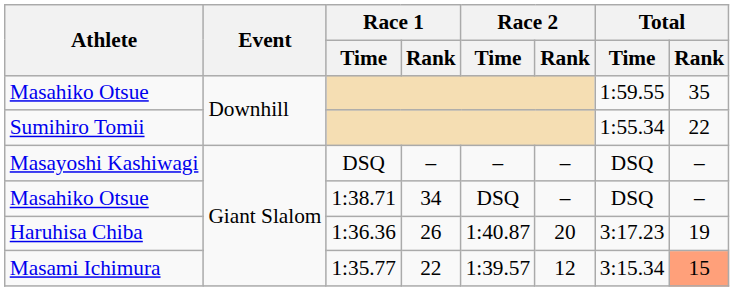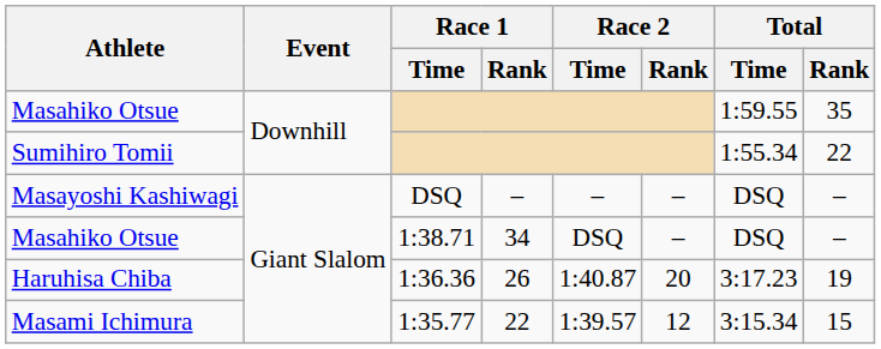 <table class="wikitable" style="font-size:90%">
 <tr>
 <th rowspan="2">Athlete</th>
 <th rowspan="2">Event</th>
 <th colspan="2">Race 1</th>
 <th colspan="2">Race 2</th>
 <th colspan="2">Total</th>
 </tr>
 <tr>
 <th>Time</th>
 <th>Rank</th>
 <th>Time</th>
 <th>Rank</th>
 <th>Time</th>
 <th>Rank</th>
 </tr>
 <tr>
 <td><a href='#'>Masahiko Otsue</a></td>
 <td rowspan="2">Downhill</td>
 <td colspan="4" bgcolor="wheat"></td>
 <td align="center">1:59.55</td>
 <td align="center">35</td>
 </tr>
 <tr>
 <td><a href='#'>Sumihiro Tomii</a></td>
 <td colspan="4" bgcolor="wheat"></td>
 <td align="center">1:55.34</td>
 <td align="center">22</td>
 </tr>
 <tr>
 <td><a href='#'>Masayoshi Kashiwagi</a></td>
 <td rowspan="4">Giant Slalom</td>
 <td align="center">DSQ</td>
 <td align="center">–</td>
 <td align="center">–</td>
 <td align="center">–</td>
 <td align="center">DSQ</td>
 <td align="center">–</td>
 </tr>
 <tr>
 <td><a href='#'>Masahiko Otsue</a></td>
 <td align="center">1:38.71</td>
 <td align="center">34</td>
 <td align="center">DSQ</td>
 <td align="center">–</td>
 <td align="center">DSQ</td>
 <td align="center">–</td>
 </tr>
 <tr>
 <td><a href='#'>Haruhisa Chiba</a></td>
 <td align="center">1:36.36</td>
 <td align="center">26</td>
 <td align="center">1:40.87</td>
 <td align="center">20</td>
 <td align="center">3:17.23</td>
 <td align="center">19</td>
 </tr>
 <tr>
 <td><a href='#'>Masami Ichimura</a></td>
 <td align="center">1:35.77</td>
 <td align="center">22</td>
 <td align="center">1:39.57</td>
 <td align="center">12</td>
 <td align="center">3:15.34</td>
-<td align="center" style="background: lightsalmon;">15</td>
+<td align="center">15</td>
 </tr>
 </table>
